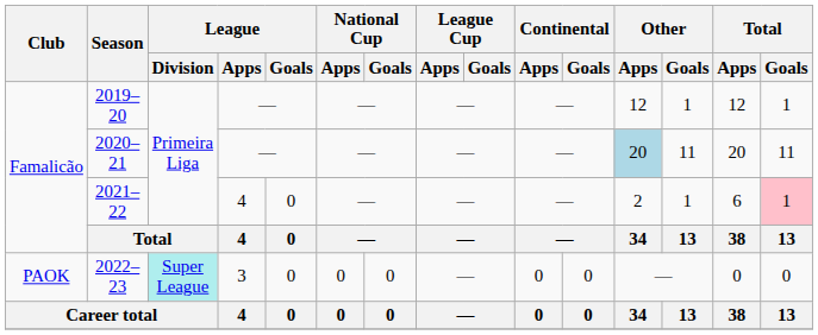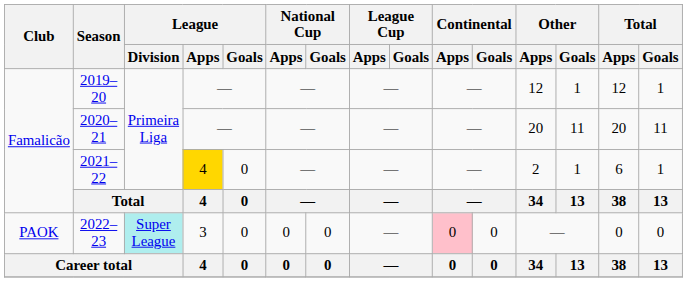 <table class="wikitable" style="text-align: center;">
 <tr>
 <th rowspan=2>Club</th>
 <th rowspan=2>Season</th>
 <th colspan=3>League</th>
 <th colspan=2>National Cup</th>
 <th colspan=2>League Cup</th>
 <th colspan=2>Continental</th>
 <th colspan=2>Other</th>
 <th colspan=2>Total</th>
 </tr>
 <tr>
 <th>Division</th>
 <th>Apps</th>
 <th>Goals</th>
 <th>Apps</th>
 <th>Goals</th>
 <th>Apps</th>
 <th>Goals</th>
 <th>Apps</th>
 <th>Goals</th>
 <th>Apps</th>
 <th>Goals</th>
 <th>Apps</th>
 <th>Goals</th>
 </tr>
 <tr>
 <td rowspan="4"><a href='#'>Famalicão</a></td>
 <td><a href='#'>2019–20</a></td>
 <td rowspan="3"><a href='#'>Primeira Liga</a></td>
 <td colspan="2">—</td>
 <td colspan="2">—</td>
 <td colspan="2">—</td>
 <td colspan="2">—</td>
 <td>12</td>
 <td>1</td>
 <td>12</td>
 <td>1</td>
 </tr>
 <tr>
 <td><a href='#'>2020–21</a></td>
 <td colspan="2">—</td>
 <td colspan="2">—</td>
 <td colspan="2">—</td>
 <td colspan="2">—</td>
-<td style="background: lightblue;">20</td>
+<td>20</td>
 <td>11</td>
 <td>20</td>
 <td>11</td>
 </tr>
 <tr>
 <td><a href='#'>2021–22</a></td>
-<td>4</td>
+<td style="background: gold;">4</td>
 <td>0</td>
 <td colspan="2">—</td>
 <td colspan="2">—</td>
 <td colspan="2">—</td>
 <td>2</td>
 <td>1</td>
 <td>6</td>
-<td style="background: pink;">1</td>
+<td>1</td>
 </tr>
 <tr>
 <th colspan="2">Total</th>
 <th>4</th>
 <th>0</th>
 <th colspan="2">—</th>
 <th colspan="2">—</th>
 <th colspan="2">—</th>
 <th>34</th>
 <th>13</th>
 <th>38</th>
 <th>13</th>
 </tr>
 <tr>
 <td rowspan="1"><a href='#'>PAOK</a></td>
 <td><a href='#'>2022–23</a></td>
 <td rowspan="1" style="background: paleturquoise;"><a href='#'>Super League</a></td>
 <td>3</td>
 <td>0</td>
 <td>0</td>
 <td>0</td>
 <td colspan="2">—</td>
-<td>0</td>
+<td style="background: pink;">0</td>
 <td>0</td>
 <td colspan="2">—</td>
 <td>0</td>
 <td>0</td>
 </tr>
 <tr>
 <th colspan="3">Career total</th>
 <th>4</th>
 <th>0</th>
 <th>0</th>
 <th>0</th>
 <th colspan="2">—</th>
 <th>0</th>
 <th>0</th>
 <th>34</th>
 <th>13</th>
 <th>38</th>
 <th>13</th>
 </tr>
 <tr>
 </tr>
 </table>
